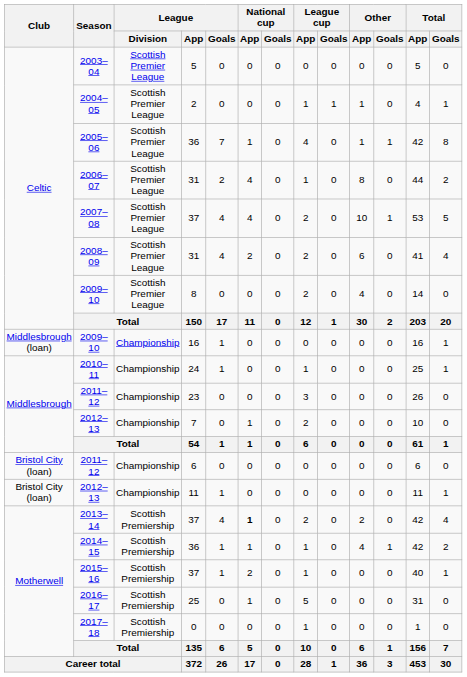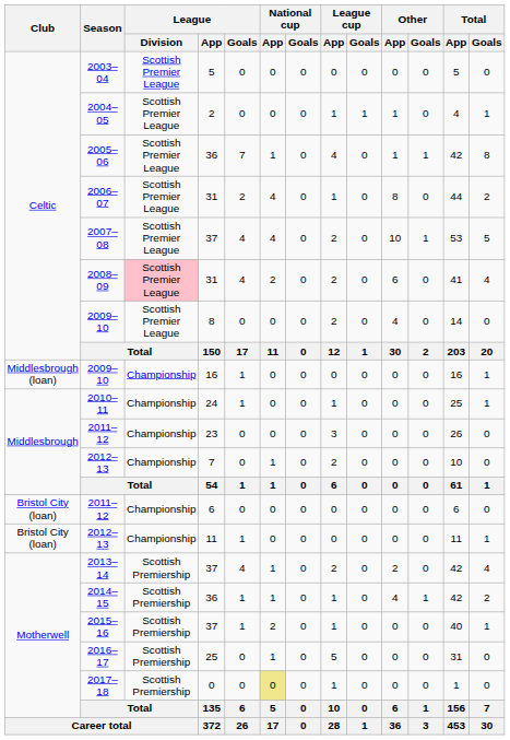 <table class="wikitable" style="text-align: center;">
 <tr>
 <th rowspan="2">Club</th>
 <th rowspan="2">Season</th>
 <th colspan="3">League</th>
 <th colspan="2">National cup</th>
 <th colspan="2">League cup</th>
 <th colspan="2">Other</th>
 <th colspan="2">Total</th>
 </tr>
 <tr>
 <th>Division</th>
 <th>App</th>
 <th>Goals</th>
 <th>App</th>
 <th>Goals</th>
 <th>App</th>
 <th>Goals</th>
 <th>App</th>
 <th>Goals</th>
 <th>App</th>
 <th>Goals</th>
 </tr>
 <tr>
 <td rowspan="8"><a href='#'>Celtic</a></td>
 <td><a href='#'>2003–04</a></td>
 <td><a href='#'>Scottish Premier League</a></td>
 <td>5</td>
 <td>0</td>
 <td>0</td>
 <td>0</td>
 <td>0</td>
 <td>0</td>
 <td>0</td>
 <td>0</td>
 <td>5</td>
 <td>0</td>
 </tr>
 <tr>
 <td><a href='#'>2004–05</a></td>
 <td>Scottish Premier League</td>
 <td>2</td>
 <td>0</td>
 <td>0</td>
 <td>0</td>
 <td>1</td>
 <td>1</td>
 <td>1</td>
 <td>0</td>
 <td>4</td>
 <td>1</td>
 </tr>
 <tr>
 <td><a href='#'>2005–06</a></td>
 <td>Scottish Premier League</td>
 <td>36</td>
 <td>7</td>
 <td>1</td>
 <td>0</td>
 <td>4</td>
 <td>0</td>
 <td>1</td>
 <td>1</td>
 <td>42</td>
 <td>8</td>
 </tr>
 <tr>
 <td><a href='#'>2006–07</a></td>
 <td>Scottish Premier League</td>
 <td>31</td>
 <td>2</td>
 <td>4</td>
 <td>0</td>
 <td>1</td>
 <td>0</td>
 <td>8</td>
 <td>0</td>
 <td>44</td>
 <td>2</td>
 </tr>
 <tr>
 <td><a href='#'>2007–08</a></td>
 <td>Scottish Premier League</td>
 <td>37</td>
 <td>4</td>
 <td>4</td>
 <td>0</td>
 <td>2</td>
 <td>0</td>
 <td>10</td>
 <td>1</td>
 <td>53</td>
 <td>5</td>
 </tr>
 <tr>
 <td><a href='#'>2008–09</a></td>
-<td>Scottish Premier League</td>
+<td style="background: pink;">Scottish Premier League</td>
 <td>31</td>
 <td>4</td>
 <td>2</td>
 <td>0</td>
 <td>2</td>
 <td>0</td>
 <td>6</td>
 <td>0</td>
 <td>41</td>
 <td>4</td>
 </tr>
 <tr>
 <td><a href='#'>2009–10</a></td>
 <td>Scottish Premier League</td>
 <td>8</td>
 <td>0</td>
 <td>0</td>
 <td>0</td>
 <td>2</td>
 <td>0</td>
 <td>4</td>
 <td>0</td>
 <td>14</td>
 <td>0</td>
 </tr>
 <tr>
 <th colspan="2">Total</th>
 <th>150</th>
 <th>17</th>
 <th>11</th>
 <th>0</th>
 <th>12</th>
 <th>1</th>
 <th>30</th>
 <th>2</th>
 <th>203</th>
 <th>20</th>
 </tr>
 <tr>
 <td><a href='#'>Middlesbrough</a> (loan)</td>
 <td><a href='#'>2009–10</a></td>
 <td><a href='#'>Championship</a></td>
 <td>16</td>
 <td>1</td>
 <td>0</td>
 <td>0</td>
 <td>0</td>
 <td>0</td>
 <td>0</td>
 <td>0</td>
 <td>16</td>
 <td>1</td>
 </tr>
 <tr>
 <td rowspan="4"><a href='#'>Middlesbrough</a></td>
 <td><a href='#'>2010–11</a></td>
 <td>Championship</td>
 <td>24</td>
 <td>1</td>
 <td>0</td>
 <td>0</td>
 <td>1</td>
 <td>0</td>
 <td>0</td>
 <td>0</td>
 <td>25</td>
 <td>1</td>
 </tr>
 <tr>
 <td><a href='#'>2011–12</a></td>
 <td>Championship</td>
 <td>23</td>
 <td>0</td>
 <td>0</td>
 <td>0</td>
 <td>3</td>
 <td>0</td>
 <td>0</td>
 <td>0</td>
 <td>26</td>
 <td>0</td>
 </tr>
 <tr>
 <td><a href='#'>2012–13</a></td>
 <td>Championship</td>
 <td>7</td>
 <td>0</td>
 <td>1</td>
 <td>0</td>
 <td>2</td>
 <td>0</td>
 <td>0</td>
 <td>0</td>
 <td>10</td>
 <td>0</td>
 </tr>
 <tr>
 <th colspan="2">Total</th>
 <th>54</th>
 <th>1</th>
 <th>1</th>
 <th>0</th>
 <th>6</th>
 <th>0</th>
 <th>0</th>
 <th>0</th>
 <th>61</th>
 <th>1</th>
 </tr>
 <tr>
 <td><a href='#'>Bristol City</a> (loan)</td>
 <td><a href='#'>2011–12</a></td>
 <td>Championship</td>
 <td>6</td>
 <td>0</td>
 <td>0</td>
 <td>0</td>
 <td>0</td>
 <td>0</td>
 <td>0</td>
 <td>0</td>
 <td>6</td>
 <td>0</td>
 </tr>
 <tr>
 <td>Bristol City (loan)</td>
 <td><a href='#'>2012–13</a></td>
 <td>Championship</td>
 <td>11</td>
 <td>1</td>
 <td>0</td>
 <td>0</td>
 <td>0</td>
 <td>0</td>
 <td>0</td>
 <td>0</td>
 <td>11</td>
 <td>1</td>
 </tr>
 <tr>
 <td rowspan="6"><a href='#'>Motherwell</a></td>
 <td><a href='#'>2013–14</a></td>
 <td>Scottish Premiership</td>
 <td>37</td>
 <td>4</td>
-<td><strong>1</strong></td>
+<td>1</td>
 <td>0</td>
 <td>2</td>
 <td>0</td>
 <td>2</td>
 <td>0</td>
 <td>42</td>
 <td>4</td>
 </tr>
 <tr>
 <td><a href='#'>2014–15</a></td>
 <td>Scottish Premiership</td>
 <td>36</td>
 <td>1</td>
 <td>1</td>
 <td>0</td>
 <td>1</td>
 <td>0</td>
 <td>4</td>
 <td>1</td>
 <td>42</td>
 <td>2</td>
 </tr>
 <tr>
 <td><a href='#'>2015–16</a></td>
 <td>Scottish Premiership</td>
 <td>37</td>
 <td>1</td>
 <td>2</td>
 <td>0</td>
 <td>1</td>
 <td>0</td>
 <td>0</td>
 <td>0</td>
 <td>40</td>
 <td>1</td>
 </tr>
 <tr>
 <td><a href='#'>2016–17</a></td>
 <td>Scottish Premiership</td>
 <td>25</td>
 <td>0</td>
 <td>1</td>
 <td>0</td>
 <td>5</td>
 <td>0</td>
 <td>0</td>
 <td>0</td>
 <td>31</td>
 <td>0</td>
 </tr>
 <tr>
 <td><a href='#'>2017–18</a></td>
 <td>Scottish Premiership</td>
 <td>0</td>
 <td>0</td>
-<td>0</td>
+<td style="background: khaki;">0</td>
 <td>0</td>
 <td>1</td>
 <td>0</td>
 <td>0</td>
 <td>0</td>
 <td>1</td>
 <td>0</td>
 </tr>
 <tr>
 <th colspan="2">Total</th>
 <th>135</th>
 <th>6</th>
 <th>5</th>
 <th>0</th>
 <th>10</th>
 <th>0</th>
 <th>6</th>
 <th>1</th>
 <th>156</th>
 <th>7</th>
 </tr>
 <tr>
 <th colspan="3">Career total</th>
 <th>372</th>
 <th>26</th>
 <th>17</th>
 <th>0</th>
 <th>28</th>
 <th>1</th>
 <th>36</th>
 <th>3</th>
 <th>453</th>
 <th>30</th>
 </tr>
 </table>
